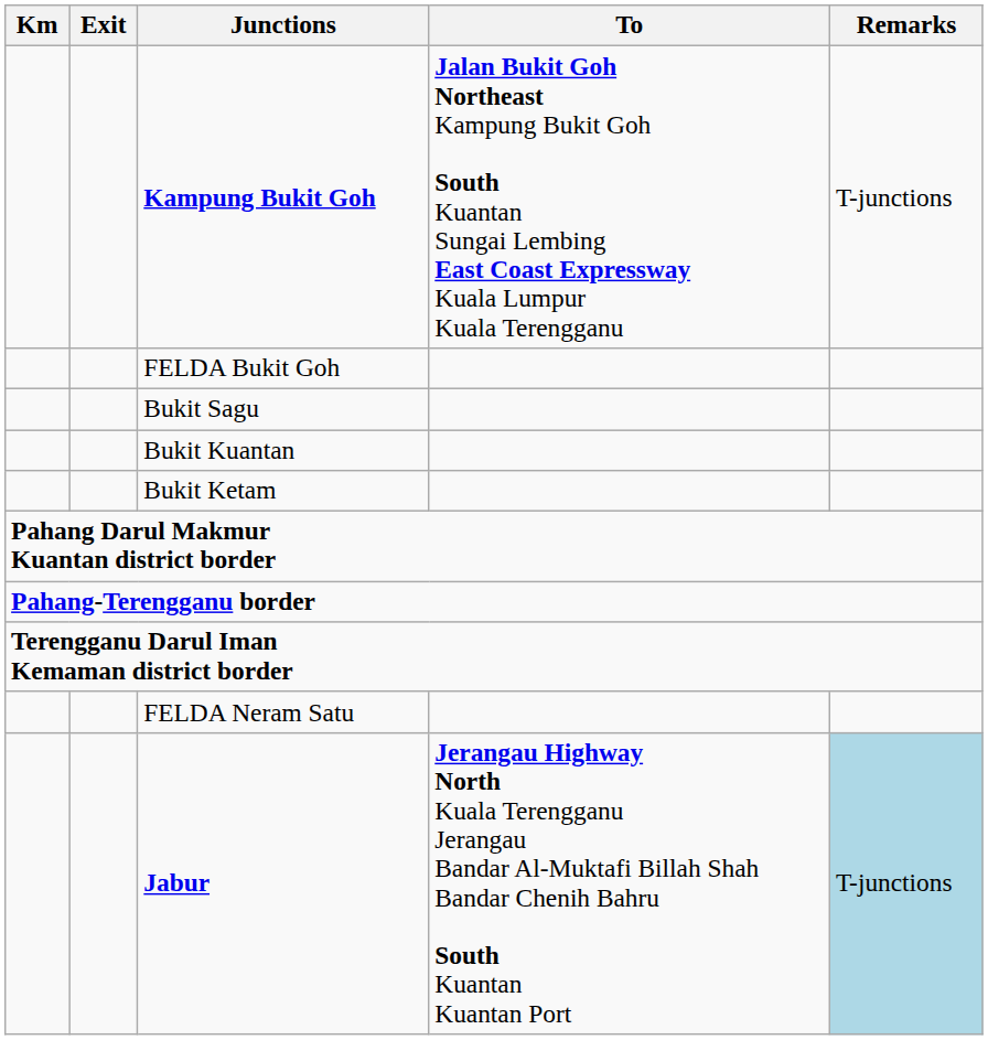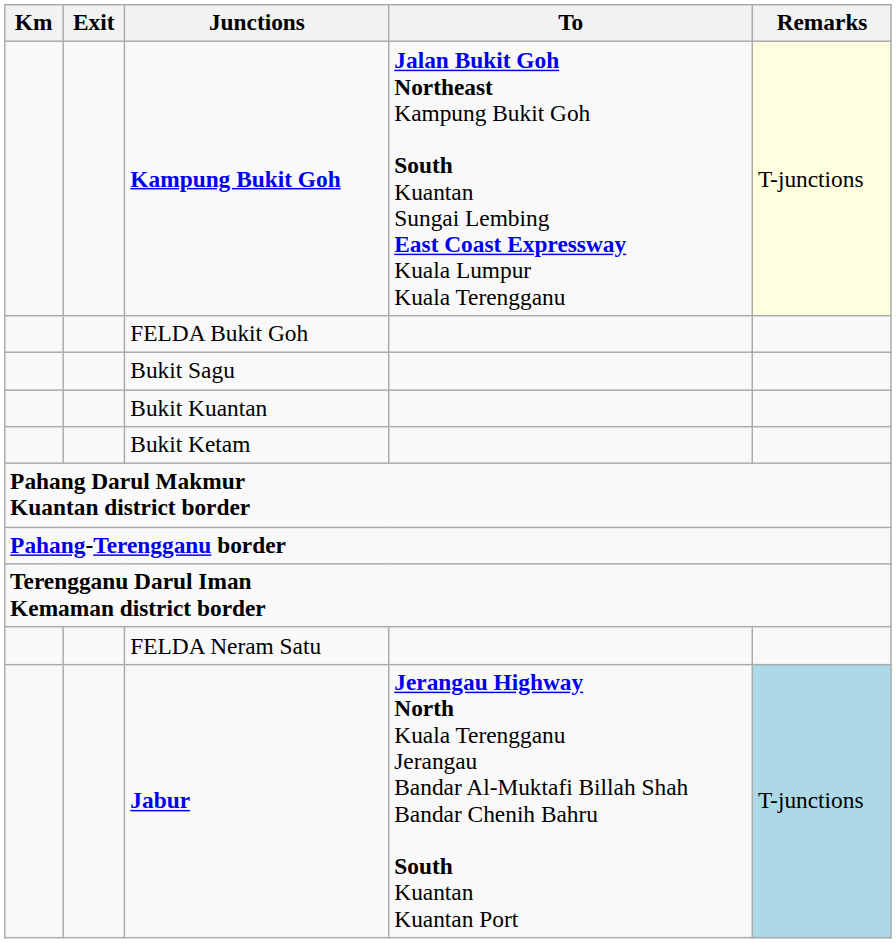 <table class="wikitable">
 <tr>
 <th>Km</th>
 <th>Exit</th>
 <th>Junctions</th>
 <th>To</th>
 <th>Remarks</th>
 </tr>
 <tr>
 <td></td>
 <td></td>
 <td><strong><a href='#'>Kampung Bukit Goh</a></strong></td>
 <td> <strong><a href='#'>Jalan Bukit Goh</a></strong><br><strong>Northeast</strong><br>Kampung Bukit Goh<br><br><strong>South</strong><br>Kuantan<br>Sungai Lembing<br> <strong><a href='#'>East Coast Expressway</a></strong><br>Kuala Lumpur<br>Kuala Terengganu</td>
-<td>T-junctions</td>
+<td style="background: lightyellow;">T-junctions</td>
 </tr>
 <tr>
 <td></td>
 <td></td>
 <td>FELDA Bukit Goh</td>
 <td></td>
 <td></td>
 </tr>
 <tr>
 <td></td>
 <td></td>
 <td>Bukit Sagu</td>
 <td></td>
 <td></td>
 </tr>
 <tr>
 <td></td>
 <td></td>
 <td>Bukit Kuantan</td>
 <td></td>
 <td></td>
 </tr>
 <tr>
 <td></td>
 <td></td>
 <td>Bukit Ketam</td>
 <td></td>
 <td></td>
 </tr>
 <tr>
 <td style="width:600px" colspan="6" style="text-align:center; background:blue;"><strong><span>Pahang Darul Makmur<br>Kuantan district border</span></strong></td>
 </tr>
 <tr>
 <td style="width:600px" colspan="6" style="text-align:center; background:yellow;"><strong><span><a href='#'>Pahang</a>-<a href='#'>Terengganu</a> border</span></strong></td>
 </tr>
 <tr>
 <td style="width:600px" colspan="6" style="text-align:center; background:blue;"><strong><span>Terengganu Darul Iman<br>Kemaman district border</span></strong></td>
 </tr>
 <tr>
 <td></td>
 <td></td>
 <td>FELDA Neram Satu</td>
 <td></td>
 <td></td>
 </tr>
 <tr>
 <td></td>
 <td></td>
 <td><strong><a href='#'>Jabur</a></strong></td>
 <td> <strong><a href='#'>Jerangau Highway</a></strong><br><strong>North</strong><br>Kuala Terengganu<br>Jerangau<br>Bandar Al-Muktafi Billah Shah<br>Bandar Chenih Bahru<br><br><strong>South</strong><br>Kuantan<br>Kuantan Port</td>
 <td style="background: lightblue;">T-junctions</td>
 </tr>
 </table>
